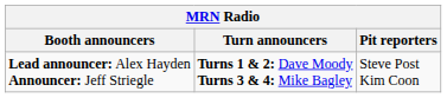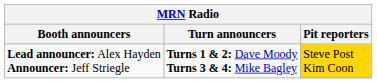 <table class="wikitable" style="font-size: 95%;">
 <tr>
 <th colspan="3"><a href='#'>MRN</a> Radio</th>
 </tr>
 <tr>
 <th>Booth announcers</th>
 <th>Turn announcers</th>
 <th>Pit reporters</th>
 </tr>
 <tr>
 <td><strong>Lead announcer:</strong> Alex Hayden<br><strong>Announcer:</strong> Jeff Striegle</td>
 <td><strong>Turns 1 & 2:</strong> <a href='#'>Dave Moody</a><br><strong>Turns 3 & 4:</strong> <a href='#'>Mike Bagley</a></td>
-<td>Steve Post<br>Kim Coon</td>
+<td style="background: gold;">Steve Post<br>Kim Coon</td>
 </tr>
 </table>
